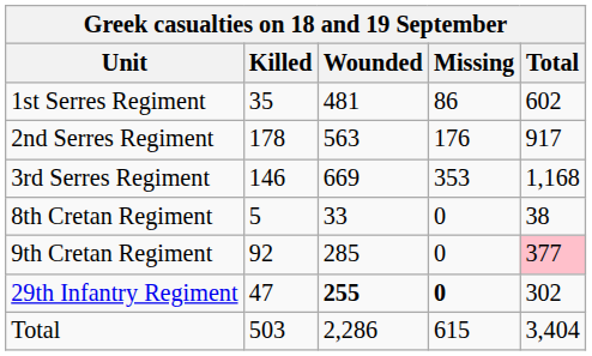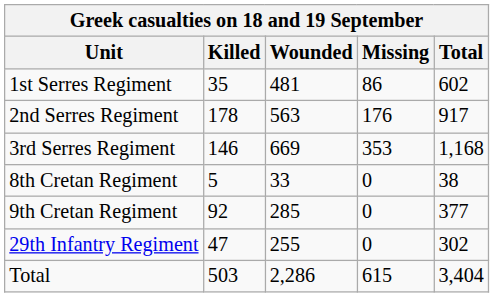 <table class=wikitable>
 <tr>
 <th colspan=18>Greek casualties on 18 and 19 September</th>
 </tr>
 <tr>
 <th>Unit</th>
 <th>Killed</th>
 <th>Wounded</th>
 <th>Missing</th>
 <th>Total</th>
 </tr>
 <tr>
 <td>1st Serres Regiment</td>
 <td>35</td>
 <td>481</td>
 <td>86</td>
 <td>602</td>
 </tr>
 <tr>
 <td>2nd Serres Regiment</td>
 <td>178</td>
 <td>563</td>
 <td>176</td>
 <td>917</td>
 </tr>
 <tr>
 <td>3rd Serres Regiment</td>
 <td>146</td>
 <td>669</td>
 <td>353</td>
 <td>1,168</td>
 </tr>
 <tr>
 <td>8th Cretan Regiment</td>
 <td>5</td>
 <td>33</td>
 <td>0</td>
 <td>38</td>
 </tr>
 <tr>
 <td>9th Cretan Regiment</td>
 <td>92</td>
 <td>285</td>
 <td>0</td>
-<td style="background: pink;">377</td>
+<td>377</td>
 </tr>
 <tr>
 <td><a href='#'>29th Infantry Regiment</a></td>
 <td>47</td>
-<td><strong>255</strong></td>
-<td><strong>0</strong></td>
+<td>255</td>
+<td>0</td>
 <td>302</td>
 </tr>
 <tr>
 <td>Total</td>
 <td>503</td>
 <td>2,286</td>
 <td>615</td>
 <td>3,404</td>
 </tr>
 </table>
